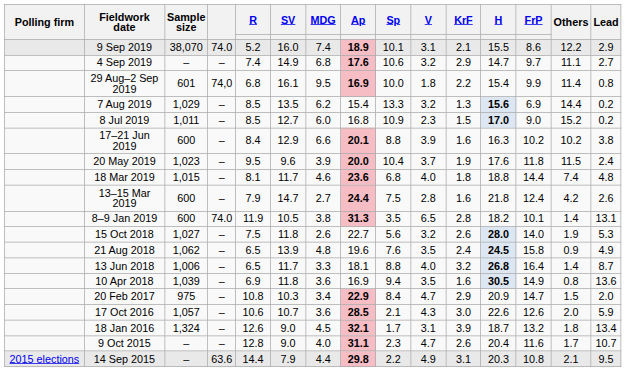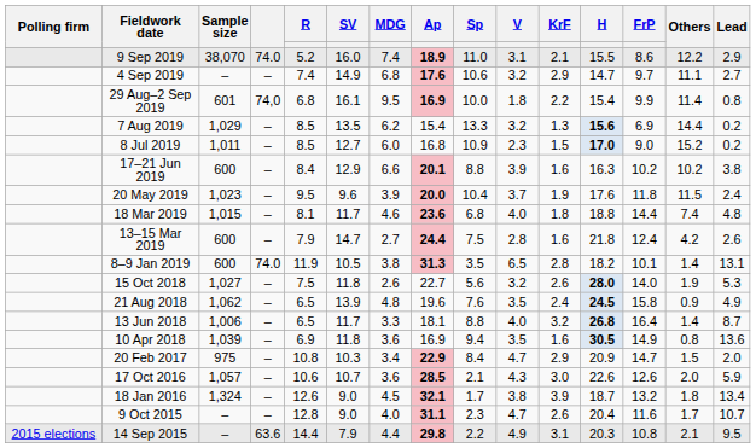 <table class="wikitable sortable" style="text-align:center;font-size:90%;line-height:14px;">
 <tr style="height:40px;">
 <th style="width:100px;" rowspan="2">Polling firm</th>
 <th style="width:100px;" rowspan="2">Fieldwork date</th>
 <th style="width:35px;" rowspan="2">Sample<br>size</th>
 <th style="width:30px;" rowspan="2"></th>
 <th class="unsortable" style="width:40px;"><a href='#'>R</a></th>
 <th class="unsortable" style="width:40px;"><a href='#'>SV</a></th>
 <th class="unsortable" style="width:40px;"><a href='#'>MDG</a></th>
 <th class="unsortable" style="width:40px;"><a href='#'>Ap</a></th>
 <th class="unsortable" style="width:40px;"><a href='#'>Sp</a></th>
 <th class="unsortable" style="width:40px;"><a href='#'>V</a></th>
 <th class="unsortable" style="width:40px;"><a href='#'>KrF</a></th>
 <th class="unsortable" style="width:40px;"><a href='#'>H</a></th>
 <th class="unsortable" style="width:40px;"><a href='#'>FrP</a></th>
 <th class="unsortable" style="width:30px;" rowspan="2">Others</th>
 <th style="width:30px;" rowspan="2">Lead</th>
 </tr>
 <tr>
 <th style="background:"></th>
 <th style="background:"></th>
 <th style="background:"></th>
 <th style="background:"></th>
 <th style="background:"></th>
 <th style="background:"></th>
 <th style="background:"></th>
 <th style="background:"></th>
 <th style="background:"></th>
 </tr>
 <tr style="background:#E9E9E9;">
 <td></td>
 <td data-sort-value="2019-09-09">9 Sep 2019</td>
 <td>38,070</td>
 <td>74.0</td>
 <td>5.2</td>
 <td>16.0</td>
 <td>7.4</td>
 <td style="background:#F7BDC5;"><strong>18.9</strong></td>
-<td>10.1</td>
+<td>11.0</td>
 <td>3.1</td>
 <td>2.1</td>
 <td>15.5</td>
 <td>8.6</td>
 <td>12.2</td>
 <td style="background:">2.9</td>
 </tr>
 <tr>
 <td></td>
 <td data-sort-value="2019-09-04">4 Sep 2019</td>
 <td>–</td>
 <td>–</td>
 <td>7.4</td>
 <td>14.9</td>
 <td>6.8</td>
 <td style="background:#F7BDC5;"><strong>17.6</strong></td>
 <td>10.6</td>
 <td>3.2</td>
 <td>2.9</td>
 <td>14.7</td>
 <td>9.7</td>
 <td>11.1</td>
 <td style="background:">2.7</td>
 </tr>
 <tr>
 <td></td>
 <td data-sort-value="2019-09-03">29 Aug–2 Sep 2019</td>
 <td>601</td>
 <td>74,0</td>
 <td>6.8</td>
 <td>16.1</td>
 <td>9.5</td>
 <td style="background:#F7BDC5;"><strong>16.9</strong></td>
 <td>10.0</td>
 <td>1.8</td>
 <td>2.2</td>
 <td>15.4</td>
 <td>9.9</td>
 <td>11.4</td>
 <td style="background:">0.8</td>
 </tr>
 <tr>
 <td></td>
 <td data-sort-value="2019-08-08">7 Aug 2019</td>
 <td>1,029</td>
 <td>–</td>
 <td>8.5</td>
 <td>13.5</td>
 <td>6.2</td>
 <td>15.4</td>
 <td>13.3</td>
 <td>3.2</td>
 <td>1.3</td>
 <td style="background:#DCE7F3;"><strong>15.6</strong></td>
 <td>6.9</td>
 <td>14.4</td>
 <td style="background:">0.2</td>
 </tr>
 <tr>
 <td></td>
 <td data-sort-value="2019-07-09">8 Jul 2019</td>
 <td>1,011</td>
 <td>–</td>
 <td>8.5</td>
 <td>12.7</td>
 <td>6.0</td>
 <td>16.8</td>
 <td>10.9</td>
 <td>2.3</td>
 <td>1.5</td>
 <td style="background:#DCE7F3;"><strong>17.0</strong></td>
 <td>9.0</td>
 <td>15.2</td>
 <td style="background:">0.2</td>
 </tr>
 <tr>
 <td></td>
 <td data-sort-value="2019-06-21">17–21 Jun 2019</td>
 <td>600</td>
 <td>–</td>
 <td>8.4</td>
 <td>12.9</td>
 <td>6.6</td>
 <td style="background:#F7BDC5;"><strong>20.1</strong></td>
 <td>8.8</td>
 <td>3.9</td>
 <td>1.6</td>
 <td>16.3</td>
 <td>10.2</td>
 <td>10.2</td>
 <td style="background:">3.8</td>
 </tr>
 <tr>
 <td></td>
 <td data-sort-value="2019-05-20">20 May 2019</td>
 <td>1,023</td>
 <td>–</td>
 <td>9.5</td>
 <td>9.6</td>
 <td>3.9</td>
 <td style="background:#F7BDC5;"><strong>20.0</strong></td>
 <td>10.4</td>
 <td>3.7</td>
 <td>1.9</td>
 <td>17.6</td>
 <td>11.8</td>
 <td>11.5</td>
 <td style="background:">2.4</td>
 </tr>
 <tr>
 <td></td>
 <td data-sort-value="2019-03-18">18 Mar 2019</td>
 <td>1,015</td>
 <td>–</td>
 <td>8.1</td>
 <td>11.7</td>
 <td>4.6</td>
 <td style="background:#F7BDC5;"><strong>23.6</strong></td>
 <td>6.8</td>
 <td>4.0</td>
 <td>1.8</td>
 <td>18.8</td>
 <td>14.4</td>
 <td>7.4</td>
 <td style="background:">4.8</td>
 </tr>
 <tr>
 <td></td>
 <td data-sort-value="2019-03-15">13–15 Mar 2019</td>
 <td>600</td>
 <td>–</td>
 <td>7.9</td>
 <td>14.7</td>
 <td>2.7</td>
 <td style="background:#F7BDC5;"><strong>24.4</strong></td>
 <td>7.5</td>
 <td>2.8</td>
 <td>1.6</td>
 <td>21.8</td>
 <td>12.4</td>
 <td>4.2</td>
 <td style="background:">2.6</td>
 </tr>
 <tr>
 <td></td>
 <td data-sort-value="2019-01-09">8–9 Jan 2019</td>
 <td>600</td>
 <td>74.0</td>
 <td>11.9</td>
 <td>10.5</td>
 <td>3.8</td>
 <td style="background:#F7BDC5;"><strong>31.3</strong></td>
 <td>3.5</td>
 <td>6.5</td>
 <td>2.8</td>
 <td>18.2</td>
 <td>10.1</td>
 <td>1.4</td>
 <td style="background:">13.1</td>
 </tr>
 <tr>
 <td></td>
 <td data-sort-value="2018-10-15">15 Oct 2018</td>
 <td>1,027</td>
 <td>–</td>
 <td>7.5</td>
 <td>11.8</td>
 <td>2.6</td>
 <td>22.7</td>
 <td>5.6</td>
 <td>3.2</td>
 <td>2.6</td>
 <td style="background:#DCE7F3;"><strong>28.0</strong></td>
 <td>14.0</td>
 <td>1.9</td>
 <td style="background:">5.3</td>
 </tr>
 <tr>
 <td></td>
 <td data-sort-value="2018-08-21">21 Aug 2018</td>
 <td>1,062</td>
 <td>–</td>
 <td>6.5</td>
 <td>13.9</td>
 <td>4.8</td>
 <td>19.6</td>
 <td>7.6</td>
 <td>3.5</td>
 <td>2.4</td>
 <td style="background:#DCE7F3;"><strong>24.5</strong></td>
 <td>15.8</td>
 <td>0.9</td>
 <td style="background:">4.9</td>
 </tr>
 <tr>
 <td></td>
 <td data-sort-value="2018-06-13">13 Jun 2018</td>
 <td>1,006</td>
 <td>–</td>
 <td>6.5</td>
 <td>11.7</td>
 <td>3.3</td>
 <td>18.1</td>
 <td>8.8</td>
 <td>4.0</td>
 <td>3.2</td>
 <td style="background:#DCE7F3;"><strong>26.8</strong></td>
 <td>16.4</td>
 <td>1.4</td>
 <td style="background:">8.7</td>
 </tr>
 <tr>
 <td></td>
 <td data-sort-value="2018-04-10">10 Apr 2018</td>
 <td>1,039</td>
 <td>–</td>
 <td>6.9</td>
 <td>11.8</td>
 <td>3.6</td>
 <td>16.9</td>
 <td>9.4</td>
 <td>3.5</td>
 <td>1.6</td>
 <td style="background:#DCE7F3;"><strong>30.5</strong></td>
 <td>14.9</td>
 <td>0.8</td>
 <td style="background:">13.6</td>
 </tr>
 <tr>
 <td></td>
 <td data-sort-value="2017-02-20">20 Feb 2017</td>
 <td>975</td>
 <td>–</td>
 <td>10.8</td>
 <td>10.3</td>
 <td>3.4</td>
 <td style="background:#F7BDC5;"><strong>22.9</strong></td>
 <td>8.4</td>
 <td>4.7</td>
 <td>2.9</td>
 <td>20.9</td>
 <td>14.7</td>
 <td>1.5</td>
 <td style="background:">2.0</td>
 </tr>
 <tr>
 <td></td>
 <td data-sort-value="2016-10-17">17 Oct 2016</td>
 <td>1,057</td>
 <td>–</td>
 <td>10.6</td>
 <td>10.7</td>
 <td>3.6</td>
 <td style="background:#F7BDC5;"><strong>28.5</strong></td>
 <td>2.1</td>
 <td>4.3</td>
 <td>3.0</td>
 <td>22.6</td>
 <td>12.6</td>
 <td>2.0</td>
 <td style="background:">5.9</td>
 </tr>
 <tr>
 <td></td>
 <td data-sort-value="2016-01-18">18 Jan 2016</td>
 <td>1,324</td>
 <td>–</td>
 <td>12.6</td>
 <td>9.0</td>
 <td>4.5</td>
 <td style="background:#F7BDC5;"><strong>32.1</strong></td>
 <td>1.7</td>
-<td>3.1</td>
+<td>3.8</td>
 <td>3.9</td>
 <td>18.7</td>
 <td>13.2</td>
 <td>1.8</td>
 <td style="background:">13.4</td>
 </tr>
 <tr>
 <td></td>
 <td data-sort-value="2015-10-09">9 Oct 2015</td>
 <td>–</td>
 <td>–</td>
 <td>12.8</td>
 <td>9.0</td>
 <td>4.0</td>
 <td style="background:#F7BDC5;"><strong>31.1</strong></td>
 <td>2.3</td>
 <td>4.7</td>
 <td>2.6</td>
 <td>20.4</td>
 <td>11.6</td>
 <td>1.7</td>
 <td style="background:">10.7</td>
 </tr>
 <tr style="background:#E9E9E9;">
 <td><a href='#'>2015 elections</a></td>
 <td data-sort-value="2015-09-14">14 Sep 2015</td>
 <td>–</td>
 <td>63.6</td>
 <td>14.4</td>
 <td>7.9</td>
 <td>4.4</td>
 <td style="background:#F7BDC5;"><strong>29.8</strong></td>
 <td>2.2</td>
 <td>4.9</td>
 <td>3.1</td>
 <td>20.3</td>
 <td>10.8</td>
 <td>2.1</td>
 <td style="background:">9.5</td>
 </tr>
 </table>
